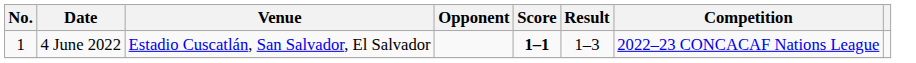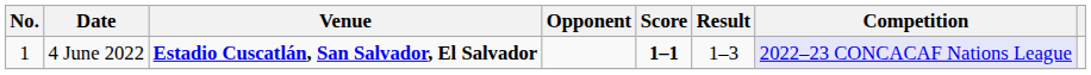 <table class="wikitable sortable">
 <tr>
 <th scope="col">No.</th>
 <th scope="col">Date</th>
 <th scope="col">Venue</th>
 <th scope="col">Opponent</th>
 <th scope="col">Score</th>
 <th scope="col">Result</th>
 <th scope="col">Competition</th>
 <th scope="col" class="unsortable"></th>
 </tr>
 <tr>
 <td align="center">1</td>
 <td>4 June 2022</td>
-<td><a href='#'>Estadio Cuscatlán</a>, <a href='#'>San Salvador</a>, El Salvador</td>
+<td><strong><a href='#'>Estadio Cuscatlán</a>, <a href='#'>San Salvador</a>, El Salvador</strong></td>
 <td></td>
 <td align="center"><strong>1–1</strong></td>
 <td align="center">1–3</td>
-<td><a href='#'>2022–23 CONCACAF Nations League</a></td>
+<td style="background: lavender;"><a href='#'>2022–23 CONCACAF Nations League</a></td>
 <td></td>
 </tr>
 <tr>
 </tr>
 </table>
